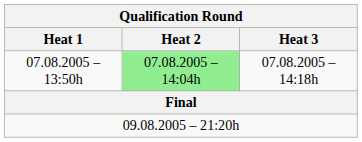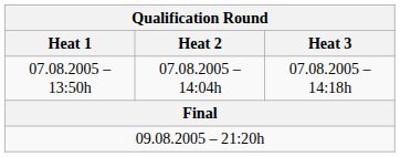 <table class="wikitable" style=" text-align:center; font-size:110%;" width="35%">
 <tr>
 <th colspan="3">Qualification Round</th>
 </tr>
 <tr>
 <th>Heat 1</th>
 <th>Heat 2</th>
 <th>Heat 3</th>
 </tr>
 <tr>
 <td>07.08.2005 – 13:50h</td>
-<td style="background: lightgreen;">07.08.2005 – 14:04h</td>
+<td>07.08.2005 – 14:04h</td>
 <td>07.08.2005 – 14:18h</td>
 </tr>
 <tr>
 <th colspan="3">Final</th>
 </tr>
 <tr>
 <td colspan="3">09.08.2005 – 21:20h</td>
 </tr>
 </table>
